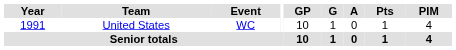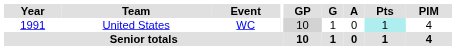 <table border="0" cellpadding="1" cellspacing="0" ID="Table3" style="text-align:center; width:40em">
 <tr bgcolor="#e0e0e0">
 <th>Year</th>
 <th>Team</th>
 <th>Event</th>
 <th rowspan="102" bgcolor="#ffffff"></th>
 <th>GP</th>
 <th>G</th>
 <th>A</th>
 <th>Pts</th>
 <th>PIM</th>
 </tr>
 <tr>
 <td><a href='#'>1991</a></td>
 <td><a href='#'>United States</a></td>
 <td><a href='#'>WC</a></td>
-<td>10</td>
+<td style="background: lightgrey;">10</td>
 <td>1</td>
 <td>0</td>
-<td>1</td>
+<td style="background: paleturquoise;">1</td>
 <td>4</td>
 </tr>
 <tr bgcolor="#e0e0e0">
 <th colspan="4">Senior totals</th>
 <th>10</th>
 <th>1</th>
 <th>0</th>
 <th>1</th>
 <th>4</th>
 </tr>
 </table>
